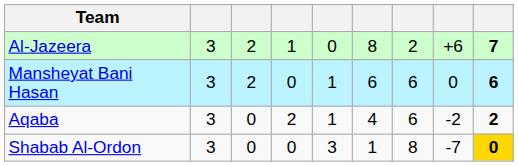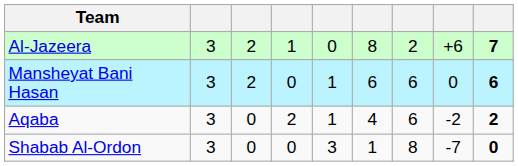 <table class="wikitable" style="text-align: center;">
 <tr>
 <th width="165">Team</th>
 <th width="30"></th>
 <th width="30"></th>
 <th width="30"></th>
 <th width="30"></th>
 <th width="30"></th>
 <th width="30"></th>
 <th width="30"></th>
 <th width="30"></th>
 </tr>
 <tr bgcolor="#ccffcc">
 <td align="left"><a href='#'>Al-Jazeera</a></td>
 <td>3</td>
 <td>2</td>
 <td>1</td>
 <td>0</td>
 <td>8</td>
 <td>2</td>
 <td>+6</td>
 <td><strong>7</strong></td>
 </tr>
 <tr bgcolor="#bbf3ff">
 <td align="left"><a href='#'>Mansheyat Bani Hasan</a></td>
 <td>3</td>
 <td>2</td>
 <td>0</td>
 <td>1</td>
 <td>6</td>
 <td>6</td>
 <td>0</td>
 <td><strong>6</strong></td>
 </tr>
 <tr>
 <td align="left"><a href='#'>Aqaba</a></td>
 <td>3</td>
 <td>0</td>
 <td>2</td>
 <td>1</td>
 <td>4</td>
 <td>6</td>
 <td>-2</td>
 <td><strong>2</strong></td>
 </tr>
 <tr>
 <td align="left"><a href='#'>Shabab Al-Ordon</a></td>
 <td>3</td>
 <td>0</td>
 <td>0</td>
 <td>3</td>
 <td>1</td>
 <td>8</td>
 <td>-7</td>
-<td style="background: gold;"><strong>0</strong></td>
+<td><strong>0</strong></td>
 </tr>
 </table>
